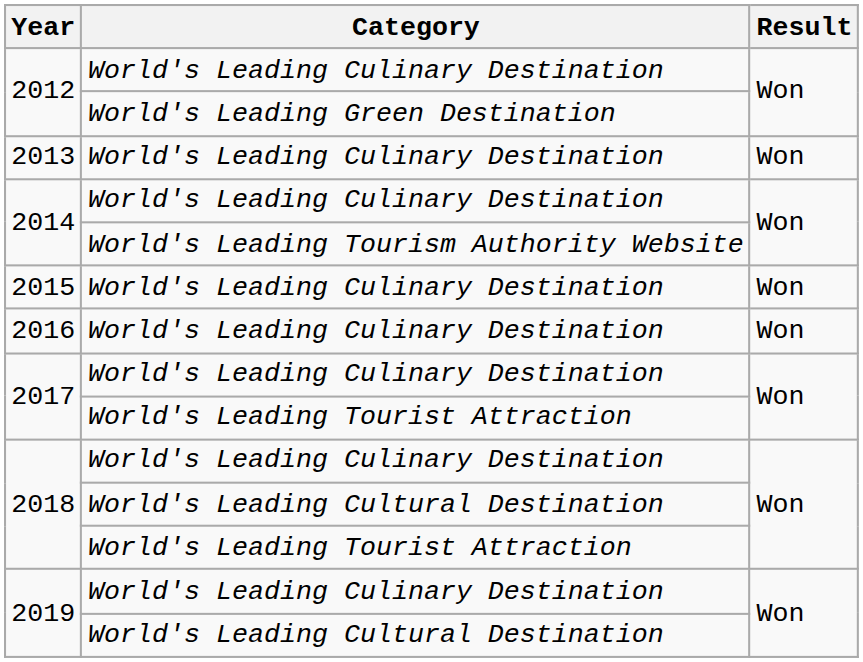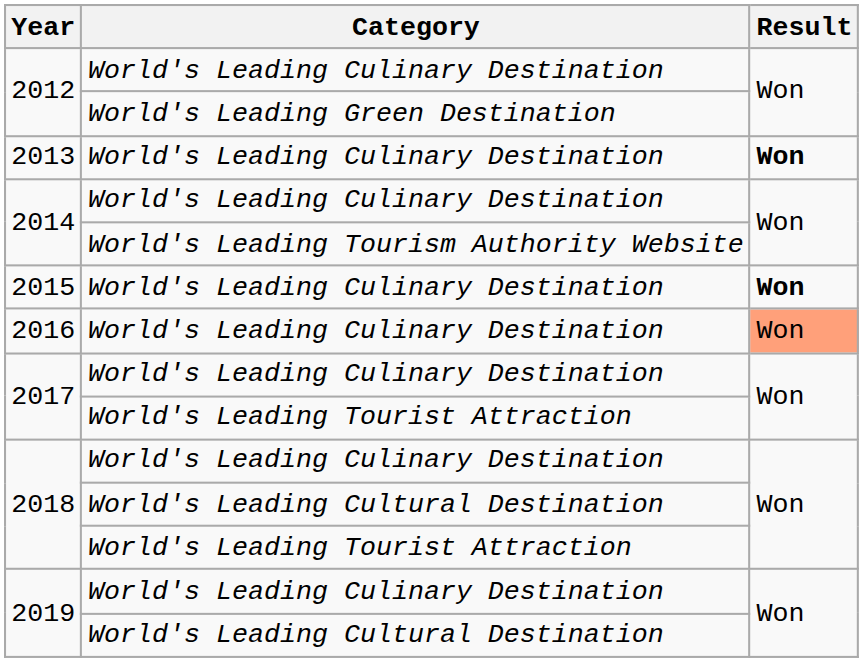 <table class="wikitable sortable">
 <tr>
 <th class="unsortable">Year</th>
 <th>Category</th>
 <th class="unsortable">Result</th>
 </tr>
 <tr>
 <td rowspan="2">2012</td>
 <td><em>World's Leading Culinary Destination</em></td>
 <td rowspan="2">Won</td>
 </tr>
 <tr>
 <td><em>World's Leading Green Destination</em></td>
 </tr>
 <tr>
 <td>2013</td>
 <td><em>World's Leading Culinary Destination</em></td>
-<td>Won</td>
+<td><strong>Won</strong></td>
 </tr>
 <tr>
 <td rowspan="2">2014</td>
 <td><em>World's Leading Culinary Destination</em></td>
 <td rowspan="2">Won</td>
 </tr>
 <tr>
 <td><em>World's Leading Tourism Authority Website</em></td>
 </tr>
 <tr>
 <td>2015</td>
 <td><em>World's Leading Culinary Destination</em></td>
-<td>Won</td>
+<td><strong>Won</strong></td>
 </tr>
 <tr>
 <td>2016</td>
 <td><em>World's Leading Culinary Destination</em></td>
-<td>Won</td>
+<td style="background: lightsalmon;">Won</td>
 </tr>
 <tr>
 <td rowspan="2">2017</td>
 <td><em>World's Leading Culinary Destination</em></td>
 <td rowspan="2">Won</td>
 </tr>
 <tr>
 <td><em>World's Leading Tourist Attraction</em></td>
 </tr>
 <tr>
 <td rowspan="3">2018</td>
 <td><em>World's Leading Culinary Destination</em></td>
 <td rowspan="3">Won</td>
 </tr>
 <tr>
 <td><em>World's Leading Cultural Destination</em></td>
 </tr>
 <tr>
 <td><em>World's Leading Tourist Attraction</em></td>
 </tr>
 <tr>
 <td rowspan="2">2019</td>
 <td><em>World's Leading Culinary Destination</em></td>
 <td rowspan="2">Won</td>
 </tr>
 <tr>
 <td><em>World's Leading Cultural Destination</em></td>
 </tr>
 </table>
